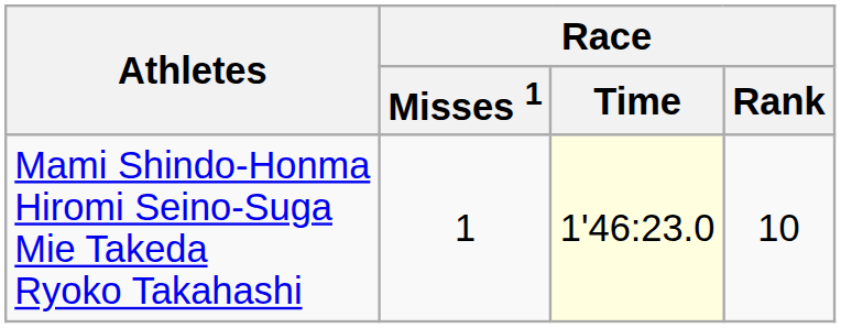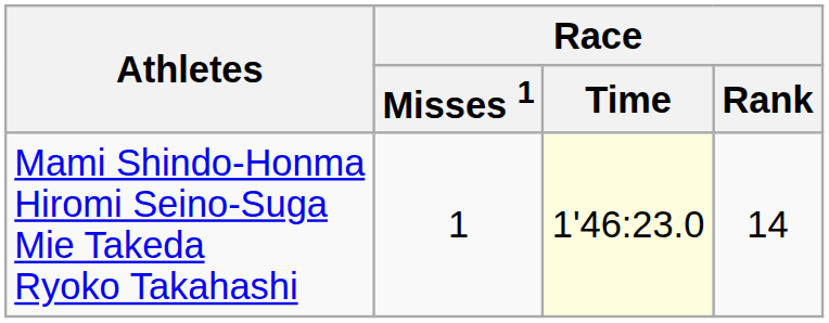 <table class="wikitable" border="1" style="font-size:90%">
 <tr>
 <th rowspan=2>Athletes</th>
 <th colspan=3>Race</th>
 </tr>
 <tr>
 <th>Misses <sup>1</sup></th>
 <th>Time</th>
 <th>Rank</th>
 </tr>
 <tr>
 <td><a href='#'>Mami Shindo-Honma</a><br><a href='#'>Hiromi Seino-Suga</a><br><a href='#'>Mie Takeda</a><br><a href='#'>Ryoko Takahashi</a></td>
 <td align=center>1</td>
 <td align=center style="background: lightyellow;">1'46:23.0</td>
-<td align=center>10</td>
+<td align=center>14</td>
 </tr>
 </table>
